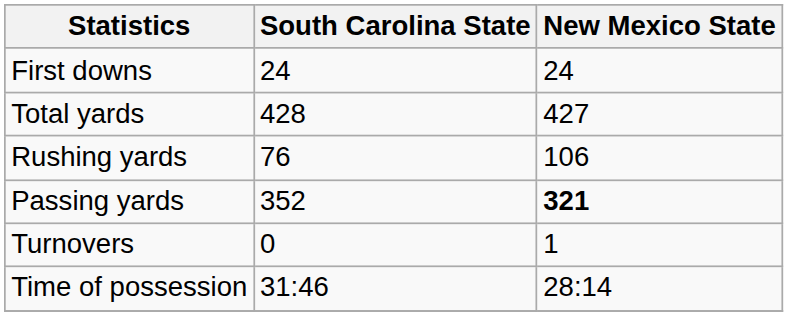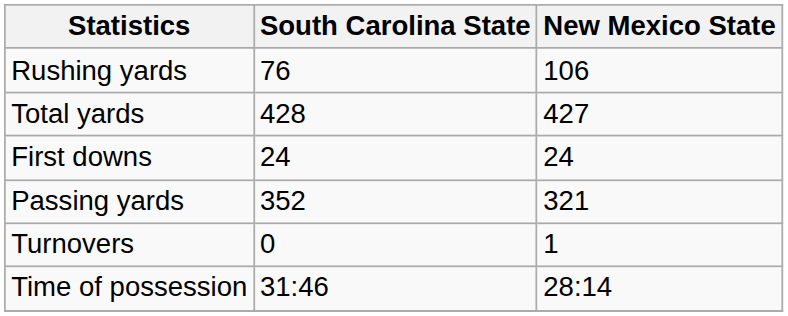 <table class="wikitable">
 <tr>
 <th>Statistics</th>
 <th>South Carolina State</th>
 <th>New Mexico State</th>
 </tr>
 <tr>
-<td>First downs</td>
-<td>24</td>
-<td>24</td>
+<td>Rushing yards</td>
+<td>76</td>
+<td>106</td>
 </tr>
 <tr>
 <td>Total yards</td>
 <td>428</td>
 <td>427</td>
 </tr>
 <tr>
-<td>Rushing yards</td>
-<td>76</td>
-<td>106</td>
+<td>First downs</td>
+<td>24</td>
+<td>24</td>
 </tr>
 <tr>
 <td>Passing yards</td>
 <td>352</td>
-<td><strong>321</strong></td>
+<td>321</td>
 </tr>
 <tr>
 <td>Turnovers</td>
 <td>0</td>
 <td>1</td>
 </tr>
 <tr>
 <td>Time of possession</td>
 <td>31:46</td>
 <td>28:14</td>
 </tr>
 <tr>
 </tr>
 </table>
